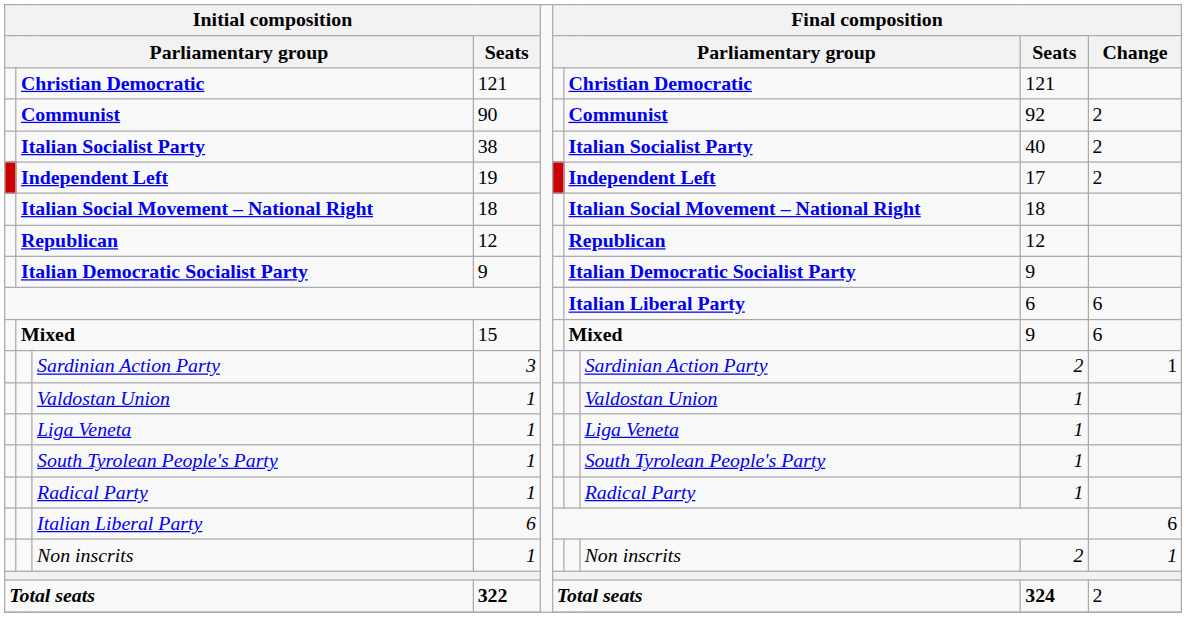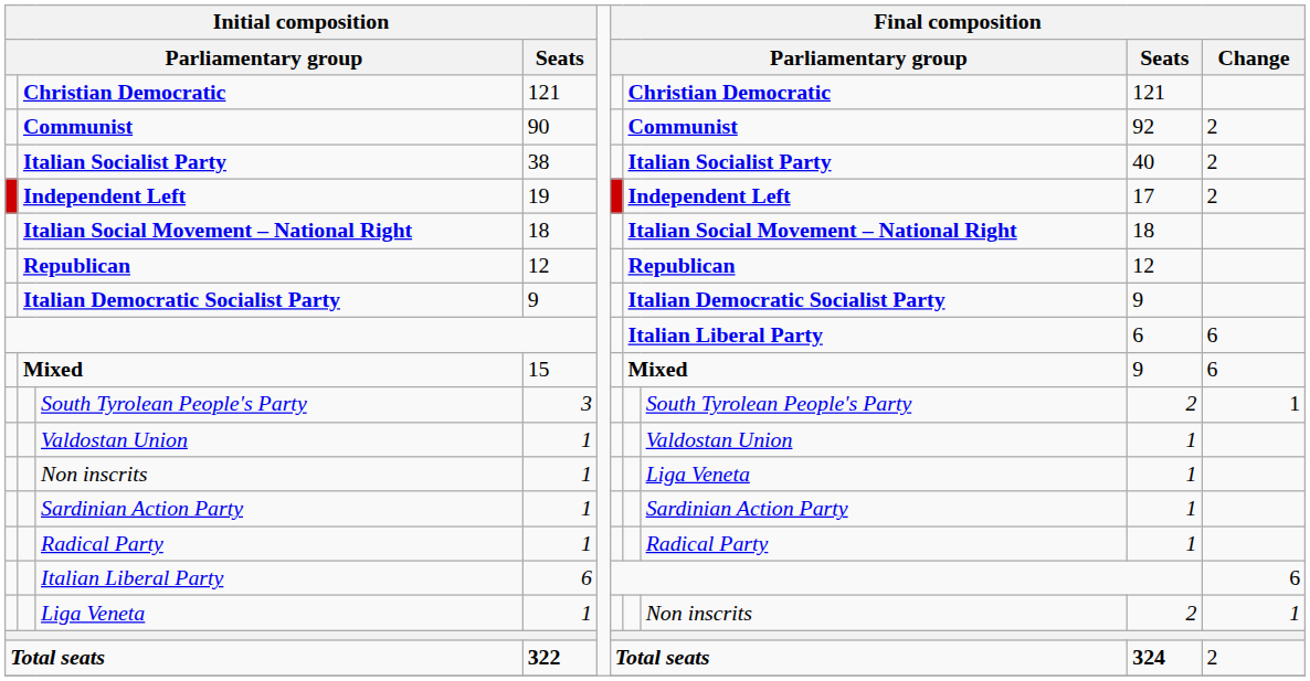 <table class="wikitable" style="width : 60%;">
 <tr>
 <th colspan="4">Initial composition</th>
 <td rowspan="30" style="width : 1%;"></td>
 <th colspan="5">Final composition</th>
 </tr>
 <tr>
 <th colspan="3">Parliamentary group</th>
 <th>Seats</th>
 <th colspan="3">Parliamentary group</th>
 <th>Seats</th>
 <th>Change</th>
 </tr>
 <tr>
 <td></td>
 <td colspan = "2"><strong><a href='#'>Christian Democratic</a></strong></td>
 <td>121</td>
 <td></td>
 <td colspan = "2"><strong><a href='#'>Christian Democratic</a></strong></td>
 <td>121</td>
 <td></td>
 </tr>
 <tr>
 <td></td>
 <td colspan = "2"><strong><a href='#'>Communist</a></strong></td>
 <td>90</td>
 <td></td>
 <td colspan = "2"><strong><a href='#'>Communist</a></strong></td>
 <td>92</td>
 <td> 2</td>
 </tr>
 <tr>
 <td></td>
 <td colspan = "2"><strong><a href='#'>Italian Socialist Party</a></strong></td>
 <td>38</td>
 <td></td>
 <td colspan = "2"><strong><a href='#'>Italian Socialist Party</a></strong></td>
 <td>40</td>
 <td> 2</td>
 </tr>
 <tr>
 <td bgcolor="#CC0000" width=1%></td>
 <td colspan = "2"><strong><a href='#'>Independent Left</a></strong></td>
 <td>19</td>
 <td bgcolor="#CC0000" width=1%></td>
 <td colspan = "2"><strong><a href='#'>Independent Left</a></strong></td>
 <td>17</td>
 <td> 2</td>
 </tr>
 <tr>
 <td></td>
 <td colspan = "2"><strong><a href='#'>Italian Social Movement – National Right</a></strong></td>
 <td>18</td>
 <td></td>
 <td colspan = "2"><strong><a href='#'>Italian Social Movement – National Right</a></strong></td>
 <td>18</td>
 <td></td>
 </tr>
 <tr>
 <td></td>
 <td colspan = "2"><strong><a href='#'>Republican</a></strong></td>
 <td>12</td>
 <td></td>
 <td colspan = "2"><strong><a href='#'>Republican</a></strong></td>
 <td>12</td>
 <td></td>
 </tr>
 <tr>
 <td></td>
 <td colspan = "2"><strong><a href='#'>Italian Democratic Socialist Party</a></strong></td>
 <td>9</td>
 <td></td>
 <td colspan = "2"><strong><a href='#'>Italian Democratic Socialist Party</a></strong></td>
 <td>9</td>
 <td></td>
 </tr>
 <tr>
 <td colspan = "4"></td>
 <td></td>
 <td colspan = "2"><strong><a href='#'>Italian Liberal Party</a></strong></td>
 <td>6</td>
 <td> 6</td>
 </tr>
 <tr>
 <td></td>
 <td colspan = "2"><strong>Mixed</strong></td>
 <td>15</td>
 <td></td>
 <td colspan = "2"><strong>Mixed</strong></td>
 <td>9</td>
 <td> 6</td>
 </tr>
 <tr>
 <td></td>
 <td></td>
-<td><em><a href='#'>Sardinian Action Party</a></em></td>
+<td><em><a href='#'>South Tyrolean People's Party</a></em></td>
 <td align="right"><em>3</em></td>
 <td></td>
 <td></td>
-<td><em><a href='#'>Sardinian Action Party</a></em></td>
+<td><em><a href='#'>South Tyrolean People's Party</a></em></td>
 <td align="right"><em>2</em></td>
 <td align="right"> 1</td>
 </tr>
 <tr>
 <td></td>
 <td></td>
 <td><em><a href='#'>Valdostan Union</a></em></td>
 <td align="right"><em>1</em></td>
 <td></td>
 <td></td>
 <td><em><a href='#'>Valdostan Union</a></em></td>
 <td align="right"><em>1</em></td>
 <td align="right"></td>
 </tr>
 <tr>
 <td></td>
 <td></td>
-<td><em><a href='#'>Liga Veneta</a></em></td>
+<td><em>Non inscrits</em></td>
 <td align="right"><em>1</em></td>
 <td></td>
 <td></td>
 <td><em><a href='#'>Liga Veneta</a></em></td>
 <td align="right"><em>1</em></td>
 <td align="right"></td>
 </tr>
 <tr>
 <td></td>
 <td></td>
-<td><em><a href='#'>South Tyrolean People's Party</a></em></td>
+<td><em><a href='#'>Sardinian Action Party</a></em></td>
 <td align="right"><em>1</em></td>
 <td></td>
 <td></td>
-<td><em><a href='#'>South Tyrolean People's Party</a></em></td>
+<td><em><a href='#'>Sardinian Action Party</a></em></td>
 <td align="right"><em>1</em></td>
 <td align="right"></td>
 </tr>
 <tr>
 <td></td>
 <td></td>
 <td><em><a href='#'>Radical Party</a></em></td>
 <td align="right"><em>1</em></td>
 <td></td>
 <td></td>
 <td><em><a href='#'>Radical Party</a></em></td>
 <td align="right"><em>1</em></td>
 <td align="right"></td>
 </tr>
 <tr>
 <td></td>
 <td></td>
 <td><em><a href='#'>Italian Liberal Party</a></em></td>
 <td align="right"><em>6</em></td>
 <td colspan="4"></td>
 <td align="right"> 6</td>
 </tr>
 <tr>
 <td></td>
 <td></td>
-<td><em>Non inscrits</em></td>
+<td><em><a href='#'>Liga Veneta</a></em></td>
 <td align="right"><em>1</em></td>
 <td></td>
 <td></td>
 <td><em>Non inscrits</em></td>
 <td align="right"><em>2</em></td>
 <td align="right"> <em>1</em></td>
 </tr>
 <tr>
 <th colspan="4"></th>
 <th colspan="5"></th>
 </tr>
 <tr>
 <td colspan="3"><strong><em>Total seats</em></strong></td>
 <td><strong>322</strong></td>
 <td colspan="3"><strong><em>Total seats</em></strong></td>
 <td><strong>324</strong></td>
 <td> 2</td>
 </tr>
 <tr>
 </tr>
 </table>
